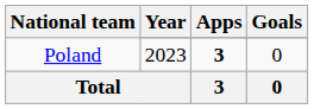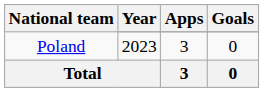 <table class="wikitable" style="text-align:center">
 <tr>
 <th>National team</th>
 <th>Year</th>
 <th>Apps</th>
 <th>Goals</th>
 </tr>
 <tr>
 <td rowspan="2"><a href='#'>Poland</a></td>
 </tr>
 <tr>
 <td>2023</td>
-<td><strong>3</strong></td>
+<td>3</td>
 <td>0</td>
 </tr>
 <tr>
 <th colspan="2">Total</th>
 <th>3</th>
 <th>0</th>
 </tr>
 </table>
